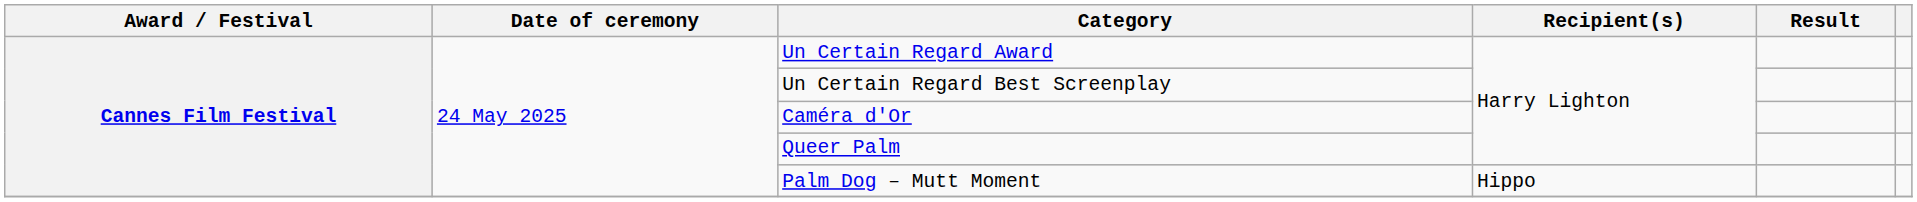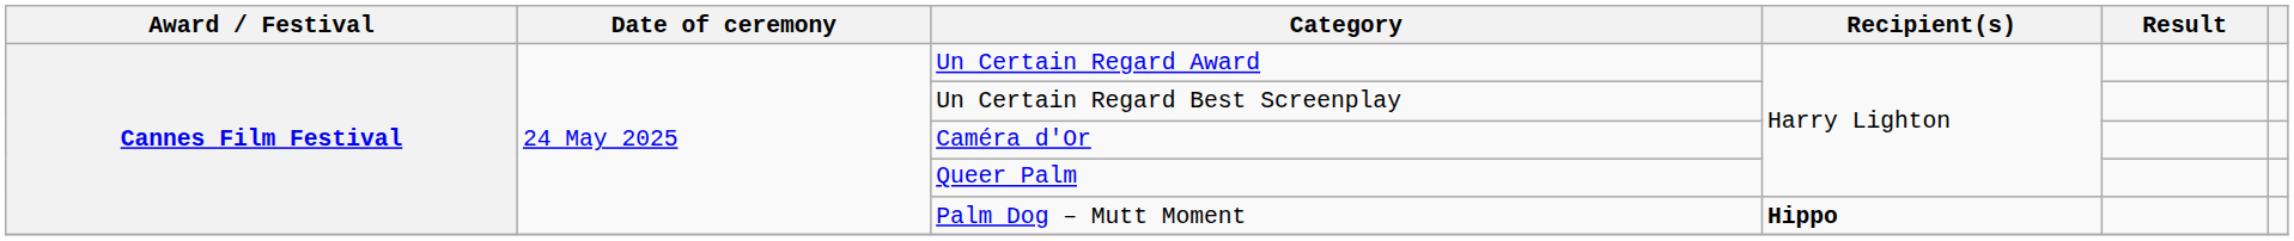 <table class="wikitable sortable plainrowheaders" style="width: 100%;">
 <tr>
 <th scope="col">Award / Festival</th>
 <th scope="col">Date of ceremony</th>
 <th scope="col">Category</th>
 <th scope="col">Recipient(s)</th>
 <th scope="col">Result</th>
 <th scope="col" class="unsortable"></th>
 </tr>
 <tr>
 <th rowspan="5" scope="row"><a href='#'>Cannes Film Festival</a></th>
 <td rowspan="5"><a href='#'>24 May 2025</a></td>
 <td><a href='#'>Un Certain Regard Award</a></td>
 <td rowspan="4">Harry Lighton</td>
 <td></td>
 <td align="center"></td>
 </tr>
 <tr>
 <td>Un Certain Regard Best Screenplay</td>
 <td></td>
 <td align="center"></td>
 </tr>
 <tr>
 <td><a href='#'>Caméra d'Or</a></td>
 <td></td>
 <td align="center"></td>
 </tr>
 <tr>
 <td><a href='#'>Queer Palm</a></td>
 <td></td>
 <td align="center"></td>
 </tr>
 <tr>
 <td><a href='#'>Palm Dog</a> – Mutt Moment</td>
-<td>Hippo</td>
+<td><strong>Hippo</strong></td>
 <td></td>
 <td align="center"></td>
 </tr>
 <tr>
 </tr>
 </table>
